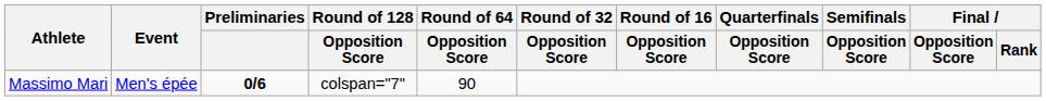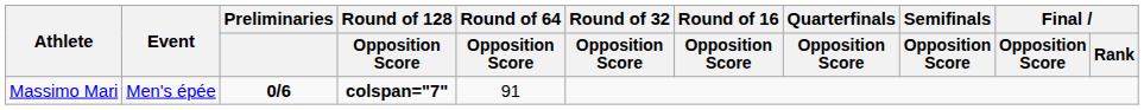 <table class="wikitable" style="text-align:center; font-size:90%">
 <tr>
 <th rowspan="2">Athlete</th>
 <th rowspan="2">Event</th>
 <th>Preliminaries</th>
 <th>Round of 128</th>
 <th>Round of 64</th>
 <th>Round of 32</th>
 <th>Round of 16</th>
 <th>Quarterfinals</th>
 <th>Semifinals</th>
 <th colspan="2">Final / </th>
 </tr>
 <tr style="font-size:95%">
 <th></th>
 <th>Opposition<br>Score</th>
 <th>Opposition<br>Score</th>
 <th>Opposition<br>Score</th>
 <th>Opposition<br>Score</th>
 <th>Opposition<br>Score</th>
 <th>Opposition<br>Score</th>
 <th>Opposition<br>Score</th>
 <th>Rank</th>
 </tr>
 <tr>
 <td align="left"><a href='#'>Massimo Mari</a></td>
 <td align="left"><a href='#'>Men's épée</a></td>
 <td><strong>0/6</strong></td>
-<td>colspan="7" </td>
-<td>90</td>
+<td><strong>colspan="7" </strong></td>
+<td>91</td>
 </tr>
 </table>
